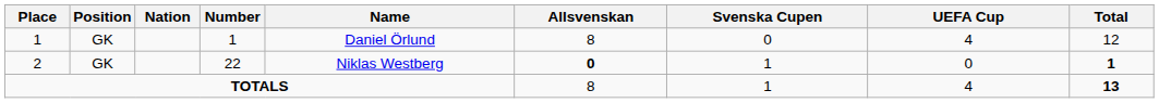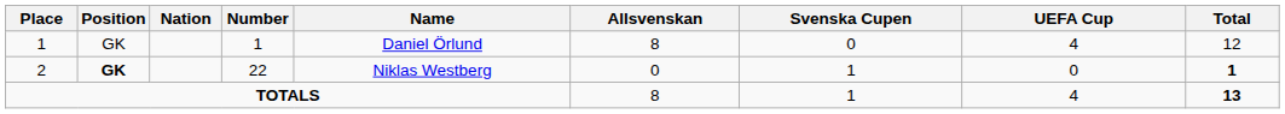 <table class="wikitable" style="font-size: 95%; text-align: center;">
 <tr>
 <th width=60>Place</th>
 <th width=60>Position</th>
 <th width=60>Nation</th>
 <th width=60>Number</th>
 <th width=250>Name</th>
 <th width=150>Allsvenskan</th>
 <th width=200>Svenska Cupen</th>
 <th width=200>UEFA Cup</th>
 <th width=80><strong>Total</strong></th>
 </tr>
 <tr>
 <td>1</td>
 <td>GK</td>
 <td></td>
 <td>1</td>
 <td><a href='#'>Daniel Örlund</a></td>
 <td>8</td>
 <td>0</td>
 <td>4</td>
 <td>12</td>
 </tr>
 <tr>
 <td>2</td>
-<td>GK</td>
+<td><strong>GK</strong></td>
 <td></td>
 <td>22</td>
 <td><a href='#'>Niklas Westberg</a></td>
-<td><strong>0</strong></td>
+<td>0</td>
 <td>1</td>
 <td>0</td>
 <td><strong>1</strong></td>
 </tr>
 <tr>
 <td colspan="5"><strong>TOTALS</strong></td>
 <td>8</td>
 <td>1</td>
 <td>4</td>
 <td><strong>13</strong></td>
 </tr>
 </table>
